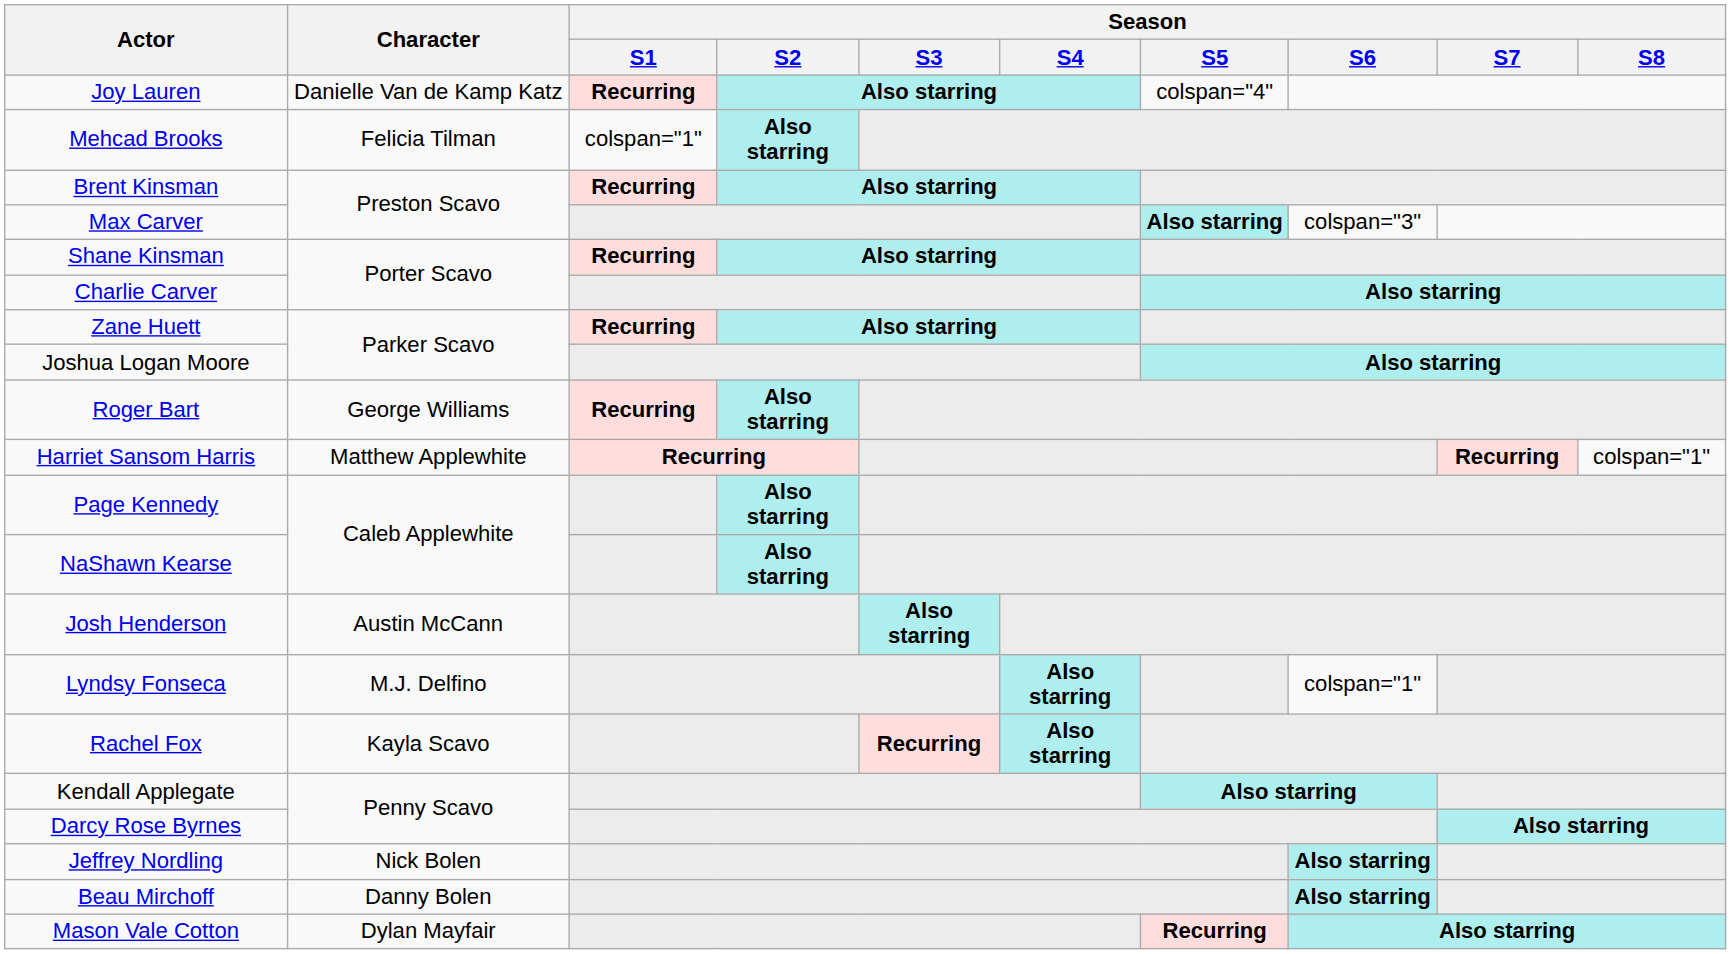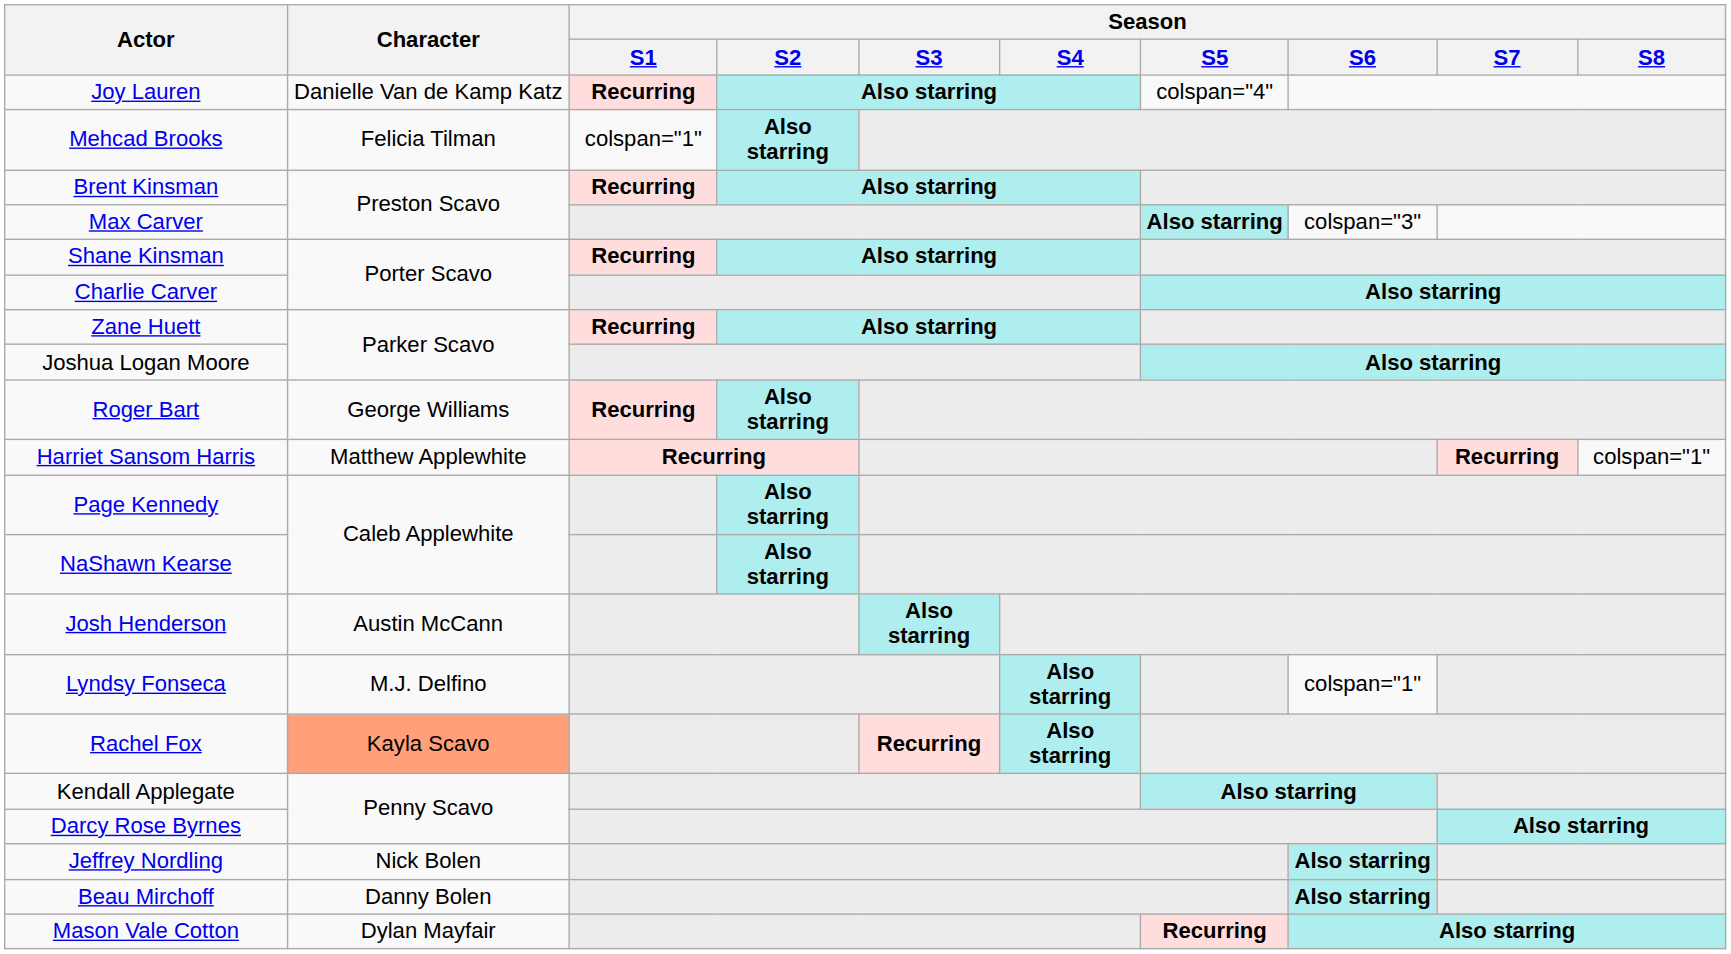 <table class="wikitable plainrowheaders" style="text-align:center">
 <tr>
 <th rowspan="2" style="width:14%;" scope="col">Actor</th>
 <th rowspan="2" style="width:14%;" scope="col">Character</th>
 <th colspan="8">Season</th>
 </tr>
 <tr>
 <th style="width:7%;" scope="col"><a href='#'>S1</a></th>
 <th style="width:7%;" scope="col"><a href='#'>S2</a></th>
 <th style="width:7%;" scope="col"><a href='#'>S3</a></th>
 <th style="width:7%;" scope="col"><a href='#'>S4</a></th>
 <th style="width:7%;" scope="col"><a href='#'>S5</a></th>
 <th style="width:7%;" scope="col"><a href='#'>S6</a></th>
 <th style="width:7%;" scope="col"><a href='#'>S7</a></th>
 <th style="width:7%;" scope="col"><a href='#'>S8</a></th>
 </tr>
 <tr>
 <td><a href='#'>Joy Lauren</a> </td>
 <td>Danielle Van de Kamp Katz</td>
 <td colspan="1" style="background:#fdd; text-align:center;"><strong>Recurring</strong></td>
 <td colspan="3" style="background:#afeeee; text-align:center;"><strong>Also starring</strong></td>
 <td>colspan="4" </td>
 </tr>
 <tr>
 <td><a href='#'>Mehcad Brooks</a></td>
 <td rowspan="1">Felicia Tilman</td>
 <td>colspan="1" </td>
 <td colspan="1" style="background:#afeeee; text-align:center;"><strong>Also starring</strong></td>
 <td colspan="6" style="background:#ececec; text-align:center;"></td>
 </tr>
 <tr>
 <td><a href='#'>Brent Kinsman</a></td>
 <td rowspan="2">Preston Scavo</td>
 <td colspan="1" style="background:#fdd; text-align:center;"><strong>Recurring</strong></td>
 <td colspan="3" style="background:#afeeee; text-align:center;"><strong>Also starring</strong></td>
 <td colspan="4" style="background:#ececec; text-align:center;"></td>
 </tr>
 <tr>
 <td><a href='#'>Max Carver</a></td>
 <td colspan="4" style="background:#ececec; text-align:center;"></td>
 <td colspan="1" style="background:#afeeee; text-align:center;"><strong>Also starring</strong></td>
 <td>colspan="3" </td>
 </tr>
 <tr>
 <td><a href='#'>Shane Kinsman</a></td>
 <td rowspan="2">Porter Scavo</td>
 <td colspan="1" style="background:#fdd; text-align:center;"><strong>Recurring</strong></td>
 <td colspan="3" style="background:#afeeee; text-align:center;"><strong>Also starring</strong></td>
 <td colspan="4" style="background:#ececec; text-align:center;"></td>
 </tr>
 <tr>
 <td><a href='#'>Charlie Carver</a> </td>
 <td colspan="4" style="background:#ececec; text-align:center;"></td>
 <td colspan="4" style="background:#afeeee; text-align:center;"><strong>Also starring</strong></td>
 </tr>
 <tr>
 <td><a href='#'>Zane Huett</a></td>
 <td rowspan="2">Parker Scavo</td>
 <td colspan="1" style="background:#fdd; text-align:center;"><strong>Recurring</strong></td>
 <td colspan="3" style="background:#afeeee; text-align:center;"><strong>Also starring</strong></td>
 <td colspan="4" style="background:#ececec; text-align:center;"></td>
 </tr>
 <tr>
 <td>Joshua Logan Moore </td>
 <td colspan="4" style="background:#ececec; text-align:center;"></td>
 <td colspan="4" style="background:#afeeee; text-align:center;"><strong>Also starring</strong></td>
 </tr>
 <tr>
 <td><a href='#'>Roger Bart</a> </td>
 <td>George Williams</td>
 <td colspan="1" style="background:#fdd; text-align:center;"><strong>Recurring</strong></td>
 <td colspan="1" style="background:#afeeee; text-align:center;"><strong>Also starring</strong></td>
 <td colspan="6" style="background:#ececec; text-align:center;"></td>
 </tr>
 <tr>
 <td><a href='#'>Harriet Sansom Harris</a></td>
 <td>Matthew Applewhite</td>
 <td colspan="2" style="background:#fdd; text-align:center;"><strong>Recurring</strong></td>
 <td colspan="4" style="background:#ececec; text-align:center;"></td>
 <td colspan="1" style="background:#fdd; text-align:center;"><strong>Recurring</strong></td>
 <td>colspan="1" </td>
 </tr>
 <tr>
 <td><a href='#'>Page Kennedy</a> </td>
 <td rowspan="2">Caleb Applewhite</td>
 <td colspan="1" style="background:#ececec; text-align:center;"></td>
 <td colspan="1" style="background:#afeeee; text-align:center;"><strong>Also starring</strong></td>
 <td colspan="6" style="background:#ececec; text-align:center;"></td>
 </tr>
 <tr>
 <td><a href='#'>NaShawn Kearse</a> </td>
 <td colspan="1" style="background:#ececec; text-align:center;"></td>
 <td colspan="1" style="background:#afeeee; text-align:center;"><strong>Also starring</strong></td>
 <td colspan="6" style="background:#ececec; text-align:center;"></td>
 </tr>
 <tr>
 <td><a href='#'>Josh Henderson</a> </td>
 <td>Austin McCann</td>
 <td colspan="2" style="background:#ececec; text-align:center;"></td>
 <td colspan="1" style="background:#afeeee; text-align:center;"><strong>Also starring</strong></td>
 <td colspan="5" style="background:#ececec; text-align:center;"></td>
 </tr>
 <tr>
 <td><a href='#'>Lyndsy Fonseca</a></td>
 <td>M.J. Delfino</td>
 <td colspan="3" style="background:#ececec; text-align:center;"></td>
 <td colspan="1" style="background:#afeeee; text-align:center;"><strong>Also starring</strong></td>
 <td colspan="1" style="background:#ececec; text-align:center;"></td>
 <td>colspan="1" </td>
 <td colspan="2" style="background:#ececec; text-align:center;"></td>
 </tr>
 <tr>
 <td><a href='#'>Rachel Fox</a> </td>
-<td>Kayla Scavo</td>
+<td style="background: lightsalmon;">Kayla Scavo</td>
 <td colspan="2" style="background:#ececec; text-align:center;"></td>
 <td colspan="1" style="background:#fdd; text-align:center;"><strong>Recurring</strong></td>
 <td colspan="1" style="background:#afeeee; text-align:center;"><strong>Also starring</strong></td>
 <td colspan="4" style="background:#ececec; text-align:center;"></td>
 </tr>
 <tr>
 <td>Kendall Applegate</td>
 <td rowspan="2">Penny Scavo</td>
 <td colspan="4" style="background:#ececec; text-align:center;"></td>
 <td colspan="2" style="background:#afeeee; text-align:center;"><strong>Also starring</strong></td>
 <td colspan="2" style="background:#ececec; text-align:center;"></td>
 </tr>
 <tr>
 <td><a href='#'>Darcy Rose Byrnes</a> </td>
 <td colspan="6" style="background:#ececec; text-align:center;"></td>
 <td colspan="2" style="background:#afeeee; text-align:center;"><strong>Also starring</strong></td>
 </tr>
 <tr>
 <td><a href='#'>Jeffrey Nordling</a> </td>
 <td>Nick Bolen</td>
 <td colspan="5" style="background:#ececec; text-align:center;"></td>
 <td colspan="1" style="background:#afeeee; text-align:center;"><strong>Also starring</strong></td>
 <td colspan="2" style="background:#ececec; text-align:center;"></td>
 </tr>
 <tr>
 <td><a href='#'>Beau Mirchoff</a> </td>
 <td>Danny Bolen</td>
 <td colspan="5" style="background:#ececec; text-align:center;"></td>
 <td colspan="1" style="background:#afeeee; text-align:center;"><strong>Also starring</strong></td>
 <td colspan="2" style="background:#ececec; text-align:center;"></td>
 </tr>
 <tr>
 <td><a href='#'>Mason Vale Cotton</a> </td>
 <td>Dylan Mayfair</td>
 <td colspan="4" style="background:#ececec; text-align:center;"></td>
 <td colspan="1" style="background:#fdd; text-align:center;"><strong>Recurring</strong></td>
 <td colspan="3" style="background:#afeeee; text-align:center;"><strong>Also starring</strong></td>
 </tr>
 </table>
